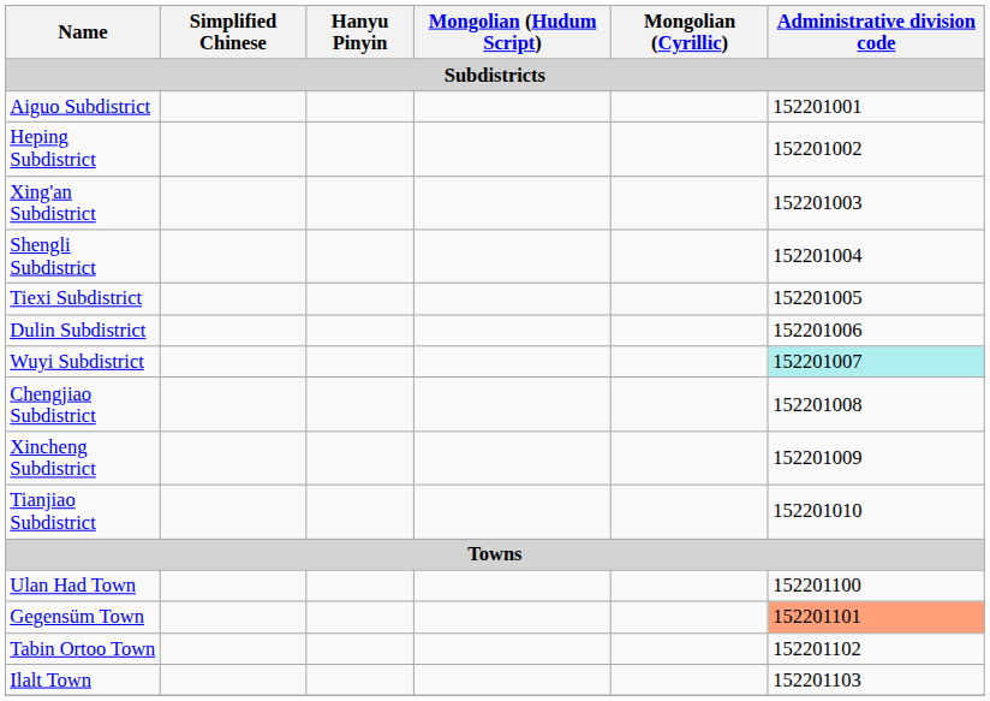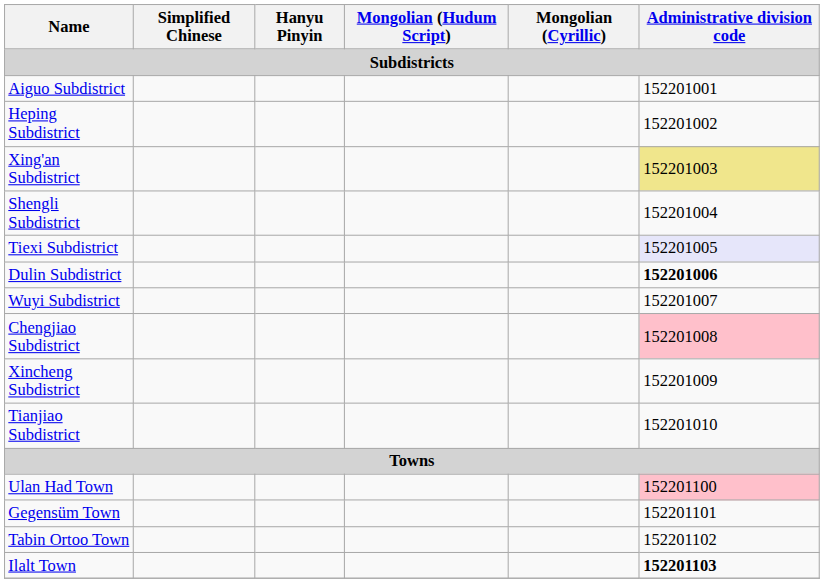 <table class="wikitable" align="center" style="width:50%; border="1">
 <tr>
 <th>Name</th>
 <th>Simplified Chinese</th>
 <th>Hanyu Pinyin</th>
 <th><a href='#'>Mongolian</a> (<a href='#'>Hudum Script</a>)</th>
 <th>Mongolian (<a href='#'>Cyrillic</a>)</th>
 <th><a href='#'>Administrative division code</a></th>
 </tr>
 <tr>
 <td colspan="6"  style="text-align:center; background:#d3d3d3;"><strong>Subdistricts</strong></td>
 </tr>
 <tr --------->
 <td><a href='#'>Aiguo Subdistrict</a></td>
 <td></td>
 <td></td>
 <td></td>
 <td></td>
 <td>152201001</td>
 </tr>
 <tr>
 <td><a href='#'>Heping Subdistrict</a></td>
 <td></td>
 <td></td>
 <td></td>
 <td></td>
 <td>152201002</td>
 </tr>
 <tr>
 <td><a href='#'>Xing'an Subdistrict</a></td>
 <td></td>
 <td></td>
 <td></td>
 <td></td>
-<td>152201003</td>
+<td style="background: khaki;">152201003</td>
 </tr>
 <tr>
 <td><a href='#'>Shengli Subdistrict</a></td>
 <td></td>
 <td></td>
 <td></td>
 <td></td>
 <td>152201004</td>
 </tr>
 <tr>
 <td><a href='#'>Tiexi Subdistrict</a></td>
 <td></td>
 <td></td>
 <td></td>
 <td></td>
-<td>152201005</td>
+<td style="background: lavender;">152201005</td>
 </tr>
 <tr>
 <td><a href='#'>Dulin Subdistrict</a></td>
 <td></td>
 <td></td>
 <td></td>
 <td></td>
-<td>152201006</td>
+<td><strong>152201006</strong></td>
 </tr>
 <tr>
 <td><a href='#'>Wuyi Subdistrict</a></td>
 <td></td>
 <td></td>
 <td></td>
 <td></td>
-<td style="background: paleturquoise;">152201007</td>
+<td>152201007</td>
 </tr>
 <tr>
 <td><a href='#'>Chengjiao Subdistrict</a></td>
 <td></td>
 <td></td>
 <td></td>
 <td></td>
-<td>152201008</td>
+<td style="background: pink;">152201008</td>
 </tr>
 <tr>
 <td><a href='#'>Xincheng Subdistrict</a></td>
 <td></td>
 <td></td>
 <td></td>
 <td></td>
 <td>152201009</td>
 </tr>
 <tr>
 <td><a href='#'>Tianjiao Subdistrict</a></td>
 <td></td>
 <td></td>
 <td></td>
 <td></td>
 <td>152201010</td>
 </tr>
 <tr>
 <td colspan="6"  style="text-align:center; background:#d3d3d3;"><strong>Towns</strong></td>
 </tr>
 <tr --------->
 <td><a href='#'>Ulan Had Town</a></td>
 <td></td>
 <td></td>
 <td></td>
 <td></td>
-<td>152201100</td>
+<td style="background: pink;">152201100</td>
 </tr>
 <tr>
 <td><a href='#'>Gegensüm Town</a></td>
 <td></td>
 <td></td>
 <td></td>
 <td></td>
-<td style="background: lightsalmon;">152201101</td>
+<td>152201101</td>
 </tr>
 <tr>
 <td><a href='#'>Tabin Ortoo Town</a></td>
 <td></td>
 <td></td>
 <td></td>
 <td></td>
 <td>152201102</td>
 </tr>
 <tr>
 <td><a href='#'>Ilalt Town</a></td>
 <td></td>
 <td></td>
 <td></td>
 <td></td>
-<td>152201103</td>
+<td><strong>152201103</strong></td>
 </tr>
 <tr>
 </tr>
 </table>
